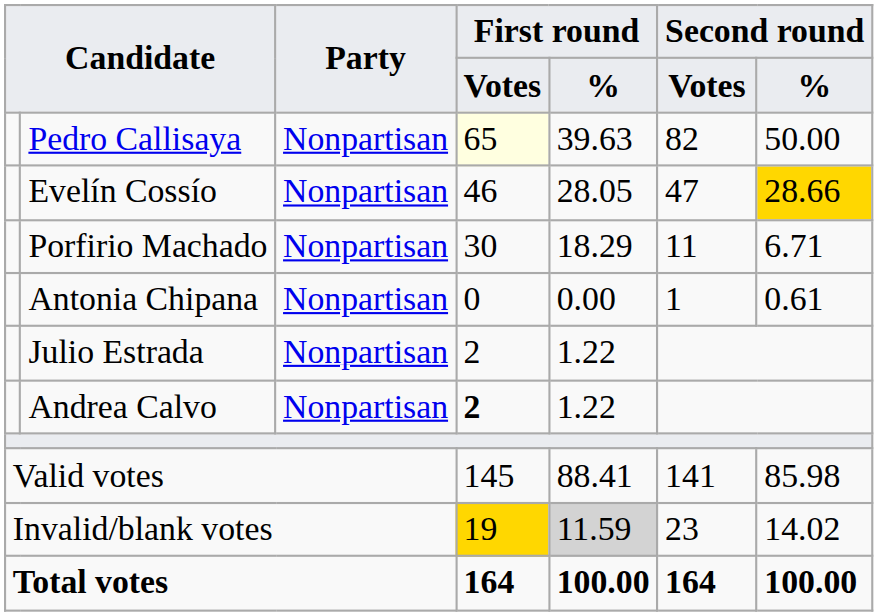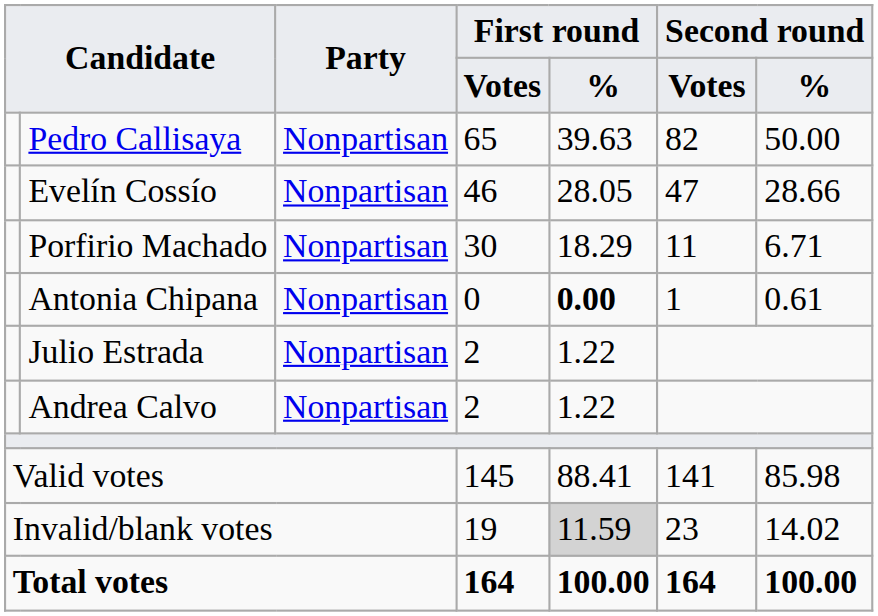 <table class="wikitable sortable">
 <tr>
 <th style="background-color:#EAECF0;" colspan=2 rowspan=2>Candidate</th>
 <th style="background-color:#EAECF0;" rowspan=2>Party</th>
 <th style="background-color:#EAECF0;" colspan=2>First round</th>
 <th style="background-color:#EAECF0;" colspan=2>Second round</th>
 </tr>
 <tr>
 <th style="background-color:#EAECF0;">Votes</th>
 <th style="background-color:#EAECF0;">%</th>
 <th style="background-color:#EAECF0;">Votes</th>
 <th style="background-color:#EAECF0;">%</th>
 </tr>
 <tr>
 <td style="background-color:"></td>
 <td><a href='#'>Pedro Callisaya</a></td>
 <td><a href='#'>Nonpartisan</a></td>
-<td style="background: lightyellow;">65</td>
+<td>65</td>
 <td>39.63</td>
 <td>82</td>
 <td>50.00</td>
 </tr>
 <tr>
 <td style="background-color:"></td>
 <td>Evelín Cossío</td>
 <td><a href='#'>Nonpartisan</a></td>
 <td>46</td>
 <td>28.05</td>
 <td>47</td>
-<td style="background: gold;">28.66</td>
+<td>28.66</td>
 </tr>
 <tr>
 <td style="background-color:"></td>
 <td>Porfirio Machado</td>
 <td><a href='#'>Nonpartisan</a></td>
 <td>30</td>
 <td>18.29</td>
 <td>11</td>
 <td>6.71</td>
 </tr>
 <tr>
 <td style="background-color:"></td>
 <td>Antonia Chipana</td>
 <td><a href='#'>Nonpartisan</a></td>
 <td>0</td>
-<td>0.00</td>
+<td><strong>0.00</strong></td>
 <td>1</td>
 <td>0.61</td>
 </tr>
 <tr>
 <td style="background-color:"></td>
 <td>Julio Estrada</td>
 <td><a href='#'>Nonpartisan</a></td>
 <td>2</td>
 <td>1.22</td>
 <td colspan=2></td>
 </tr>
 <tr>
 <td style="background-color:"></td>
 <td>Andrea Calvo</td>
 <td><a href='#'>Nonpartisan</a></td>
-<td><strong>2</strong></td>
+<td>2</td>
 <td>1.22</td>
 <td colspan=2></td>
 </tr>
 <tr class="sortbottom">
 <th style="background-color:#EAECF0;" colspan=7></th>
 </tr>
 <tr class="sortbottom">
 <td colspan=3>Valid votes</td>
 <td>145</td>
 <td>88.41</td>
 <td>141</td>
 <td>85.98</td>
 </tr>
 <tr class="sortbottom">
 <td colspan=3>Invalid/blank votes</td>
-<td style="background: gold;">19</td>
+<td>19</td>
 <td style="background: lightgrey;">11.59</td>
 <td>23</td>
 <td>14.02</td>
 </tr>
 <tr class="sortbottom">
 <td colspan=3><strong>Total votes</strong></td>
 <td><strong>164</strong></td>
 <td><strong>100.00</strong></td>
 <td><strong>164</strong></td>
 <td><strong>100.00</strong></td>
 </tr>
 </table>
